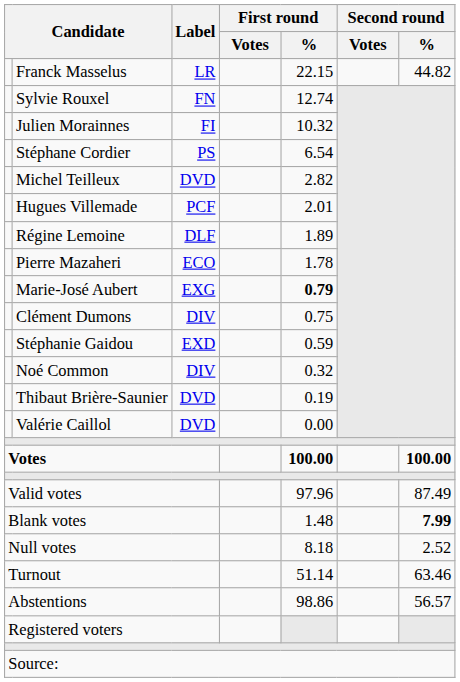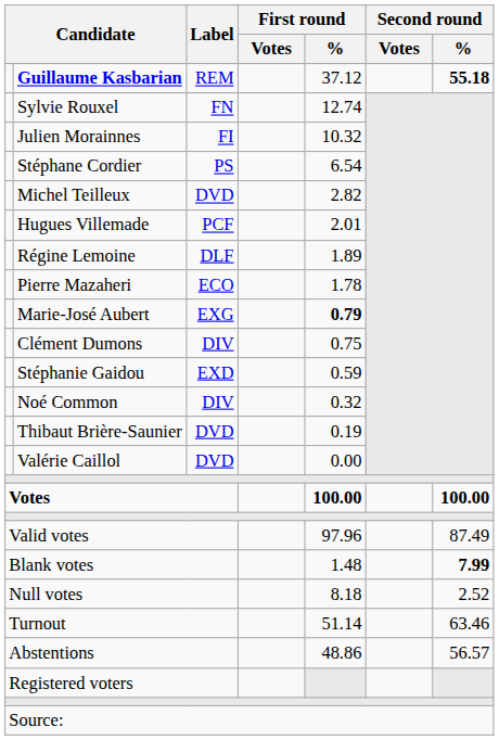 <table class="wikitable" style="text-align:right;font-size:95%;">
 <tr>
 <th rowspan="2" colspan="2">Candidate</th>
 <th rowspan="2">Label</th>
 <th colspan="2">First round</th>
 <th colspan="2">Second round</th>
 </tr>
 <tr>
 <th style="width:50px;">Votes</th>
 <th style="width:45px;">%</th>
 <th style="width:50px;">Votes</th>
 <th style="width:45px;">%</th>
 </tr>
 <tr>
 <td style="color:inherit;background:"></td>
-<td style="text-align:left;">Franck Masselus</td>
-<td><a href='#'>LR</a></td>
+<td style="text-align:left;"><strong><a href='#'>Guillaume Kasbarian</a></strong></td>
+<td><a href='#'>REM</a></td>
 <td></td>
-<td>22.15</td>
-<td></td>
-<td>44.82</td>
+<td>37.12</td>
+<td><strong></strong></td>
+<td><strong>55.18</strong></td>
 </tr>
 <tr>
 <td style="color:inherit;background:"></td>
 <td style="text-align:left;">Sylvie Rouxel</td>
 <td><a href='#'>FN</a></td>
 <td></td>
 <td>12.74</td>
 <td colspan="2" rowspan="13" style="background:#E9E9E9;"></td>
 </tr>
 <tr>
 <td style="color:inherit;background:"></td>
 <td style="text-align:left;">Julien Morainnes</td>
 <td><a href='#'>FI</a></td>
 <td></td>
 <td>10.32</td>
 </tr>
 <tr>
 <td style="color:inherit;background:"></td>
 <td style="text-align:left;">Stéphane Cordier</td>
 <td><a href='#'>PS</a></td>
 <td></td>
 <td>6.54</td>
 </tr>
 <tr>
 <td style="color:inherit;background:"></td>
 <td style="text-align:left;">Michel Teilleux</td>
 <td><a href='#'>DVD</a></td>
 <td></td>
 <td>2.82</td>
 </tr>
 <tr>
 <td style="color:inherit;background:"></td>
 <td style="text-align:left;">Hugues Villemade</td>
 <td><a href='#'>PCF</a></td>
 <td></td>
 <td>2.01</td>
 </tr>
 <tr>
 <td style="color:inherit;background:"></td>
 <td style="text-align:left;">Régine Lemoine</td>
 <td><a href='#'>DLF</a></td>
 <td></td>
 <td>1.89</td>
 </tr>
 <tr>
 <td style="color:inherit;background:"></td>
 <td style="text-align:left;">Pierre Mazaheri</td>
 <td><a href='#'>ECO</a></td>
 <td></td>
 <td>1.78</td>
 </tr>
 <tr>
 <td style="color:inherit;background:"></td>
 <td style="text-align:left;">Marie-José Aubert</td>
 <td><a href='#'>EXG</a></td>
 <td></td>
 <td><strong>0.79</strong></td>
 </tr>
 <tr>
 <td style="color:inherit;background:"></td>
 <td style="text-align:left;">Clément Dumons</td>
 <td><a href='#'>DIV</a></td>
 <td></td>
 <td>0.75</td>
 </tr>
 <tr>
 <td style="color:inherit;background:"></td>
 <td style="text-align:left;">Stéphanie Gaidou</td>
 <td><a href='#'>EXD</a></td>
 <td></td>
 <td>0.59</td>
 </tr>
 <tr>
 <td style="color:inherit;background:"></td>
 <td style="text-align:left;">Noé Common</td>
 <td><a href='#'>DIV</a></td>
 <td></td>
 <td>0.32</td>
 </tr>
 <tr>
 <td style="color:inherit;background:"></td>
 <td style="text-align:left;">Thibaut Brière-Saunier</td>
 <td><a href='#'>DVD</a></td>
 <td></td>
 <td>0.19</td>
 </tr>
 <tr>
 <td style="color:inherit;background:"></td>
 <td style="text-align:left;">Valérie Caillol</td>
 <td><a href='#'>DVD</a></td>
 <td></td>
 <td>0.00</td>
 </tr>
 <tr>
 <td colspan="7" style="background:#E9E9E9;"></td>
 </tr>
 <tr style="font-weight:bold;">
 <td colspan="3" style="text-align:left;">Votes</td>
 <td></td>
 <td>100.00</td>
 <td></td>
 <td>100.00</td>
 </tr>
 <tr>
 <td colspan="7" style="background:#E9E9E9;"></td>
 </tr>
 <tr>
 <td colspan="3" style="text-align:left;">Valid votes</td>
 <td></td>
 <td>97.96</td>
 <td></td>
 <td>87.49</td>
 </tr>
 <tr>
 <td colspan="3" style="text-align:left;">Blank votes</td>
 <td></td>
 <td>1.48</td>
 <td></td>
 <td><strong>7.99</strong></td>
 </tr>
 <tr>
 <td colspan="3" style="text-align:left;">Null votes</td>
 <td></td>
 <td>8.18</td>
 <td></td>
 <td>2.52</td>
 </tr>
 <tr>
 <td colspan="3" style="text-align:left;">Turnout</td>
 <td></td>
 <td>51.14</td>
 <td></td>
 <td>63.46</td>
 </tr>
 <tr>
 <td colspan="3" style="text-align:left;">Abstentions</td>
 <td></td>
-<td>98.86</td>
+<td>48.86</td>
 <td></td>
 <td>56.57</td>
 </tr>
 <tr>
 <td colspan="3" style="text-align:left;">Registered voters</td>
 <td></td>
 <td style="background:#E9E9E9;"></td>
 <td></td>
 <td style="background:#E9E9E9;"></td>
 </tr>
 <tr>
 <td colspan="7" style="background:#E9E9E9;"></td>
 </tr>
 <tr>
 <td colspan="7" style="text-align:left;">Source: </td>
 </tr>
 </table>
